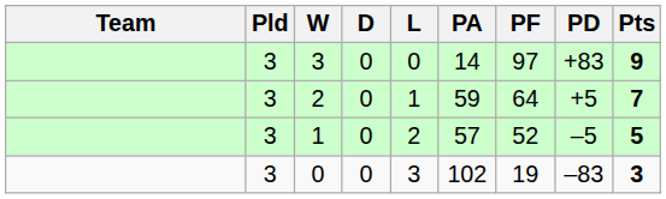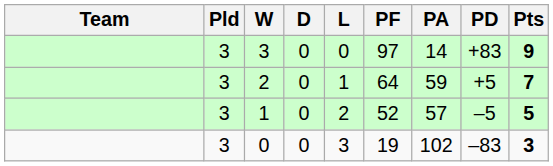 <table class="wikitable" style="text-align:center;">
 <tr>
 <th width=155>Team</th>
 <th width=25 abbr="Played">Pld</th>
 <th width=25 abbr="Won">W</th>
 <th width=25 abbr="Drawn">D</th>
 <th width=25 abbr="Lost">L</th>
+<th width=32 abbr="Points for">PF</th>
 <th width=32 abbr="Points against">PA</th>
-<th width=32 abbr="Points for">PF</th>
 <th width=32 abbr="Points difference">PD</th>
 <th width=25 abbr="Points">Pts</th>
 </tr>
 <tr style="background:#ccffcc">
 <td align=left></td>
 <td>3</td>
 <td>3</td>
 <td>0</td>
 <td>0</td>
+<td>97</td>
 <td>14</td>
-<td>97</td>
 <td>+83</td>
 <td><strong>9</strong></td>
 </tr>
 <tr style="background:#ccffcc">
 <td align=left></td>
 <td>3</td>
 <td>2</td>
 <td>0</td>
 <td>1</td>
+<td>64</td>
 <td>59</td>
-<td>64</td>
 <td>+5</td>
 <td><strong>7</strong></td>
 </tr>
 <tr style="background:#ccffcc">
 <td align=left></td>
 <td>3</td>
 <td>1</td>
 <td>0</td>
 <td>2</td>
+<td>52</td>
 <td>57</td>
-<td>52</td>
 <td>–5</td>
 <td><strong>5</strong></td>
 </tr>
 <tr>
 <td align=left></td>
 <td>3</td>
 <td>0</td>
 <td>0</td>
 <td>3</td>
+<td>19</td>
 <td>102</td>
-<td>19</td>
 <td>–83</td>
 <td><strong>3</strong></td>
 </tr>
 </table>
